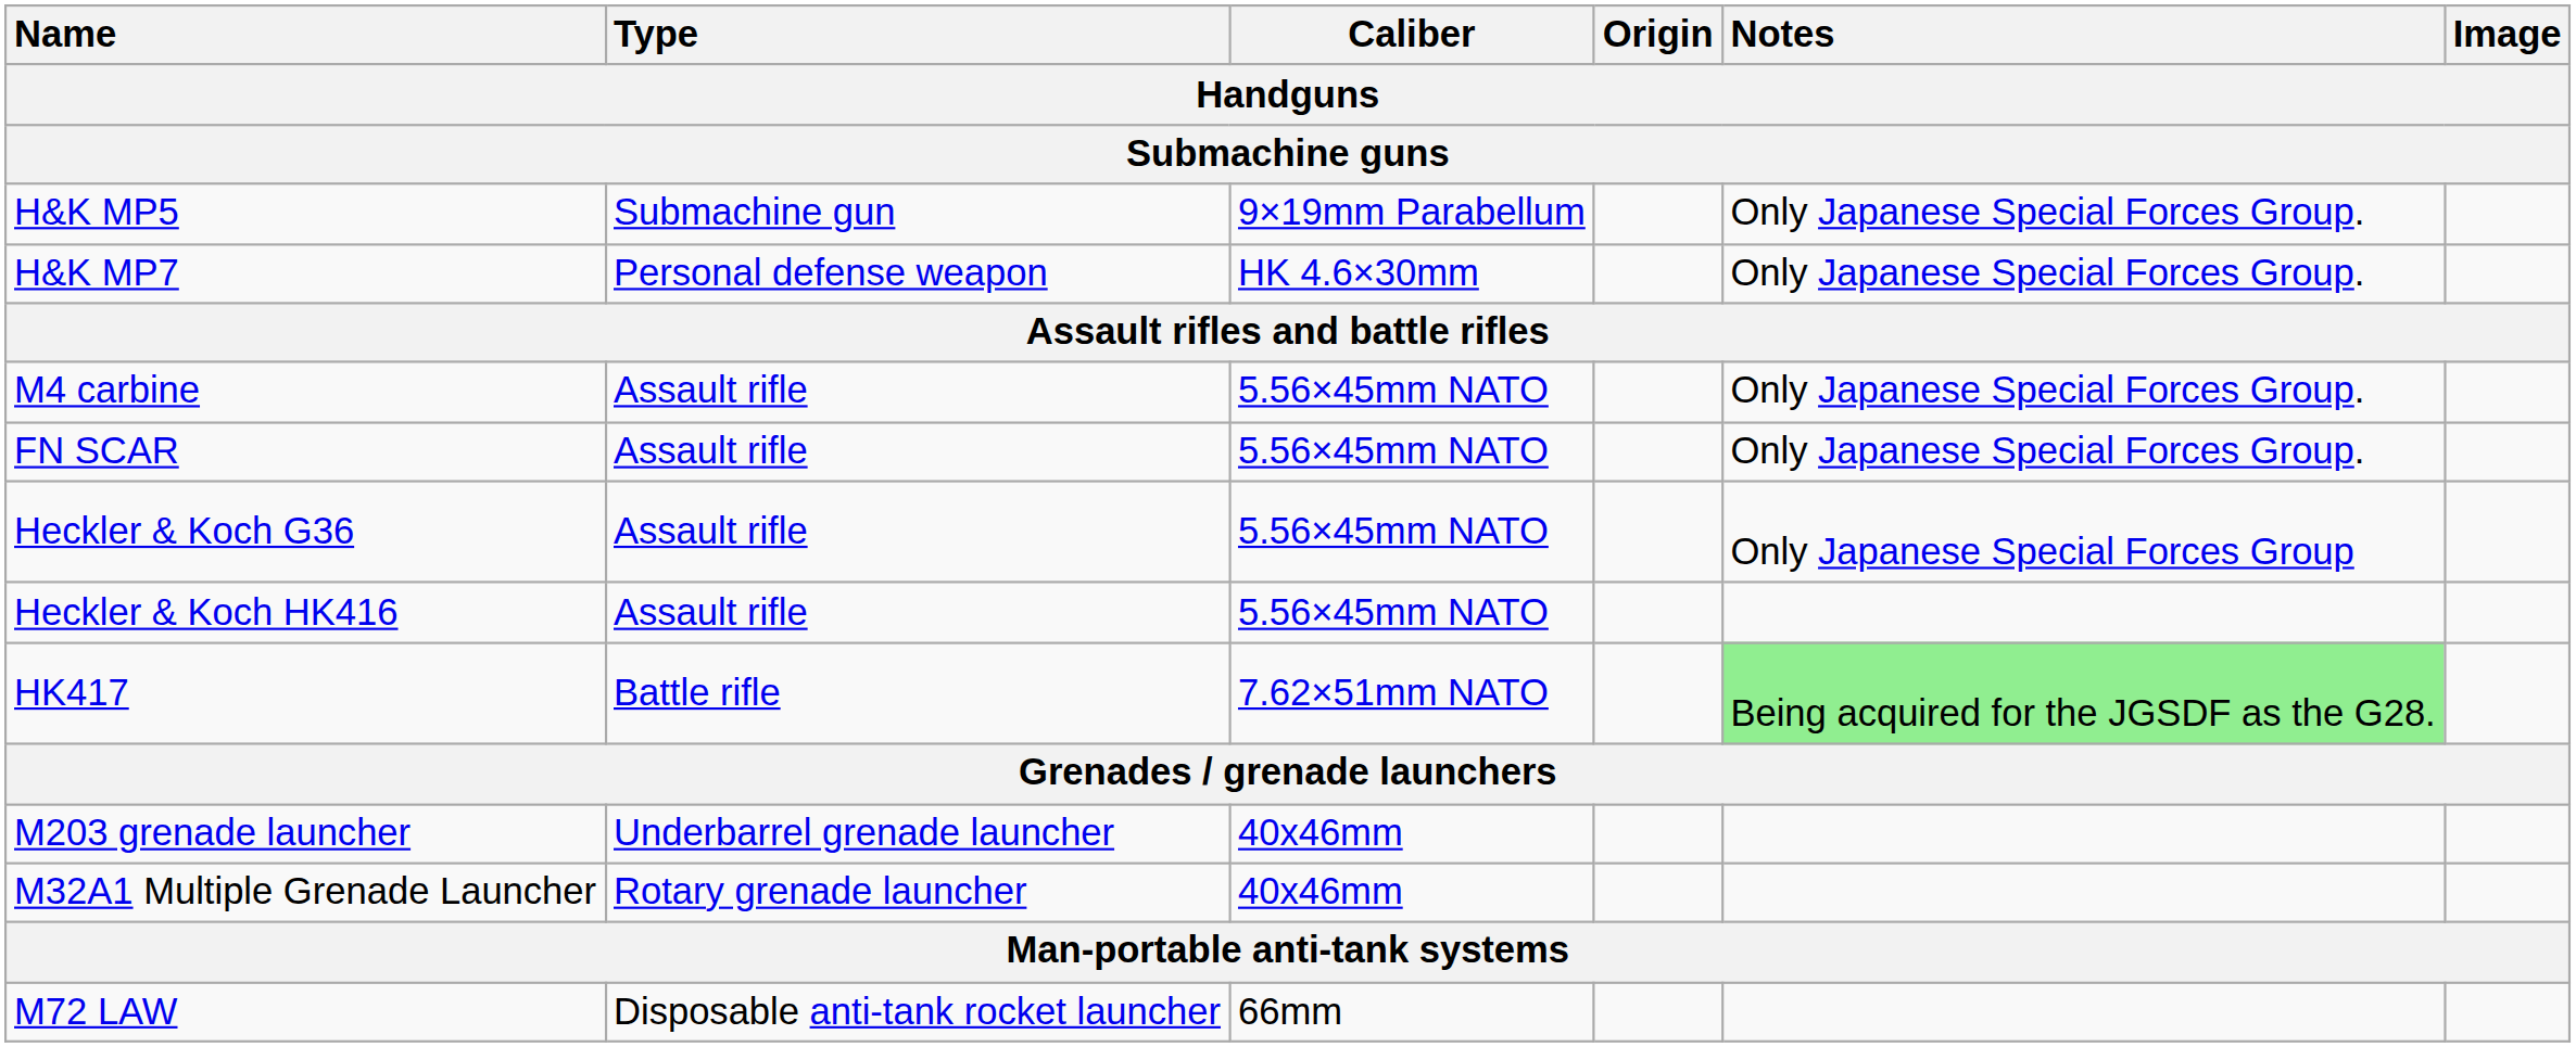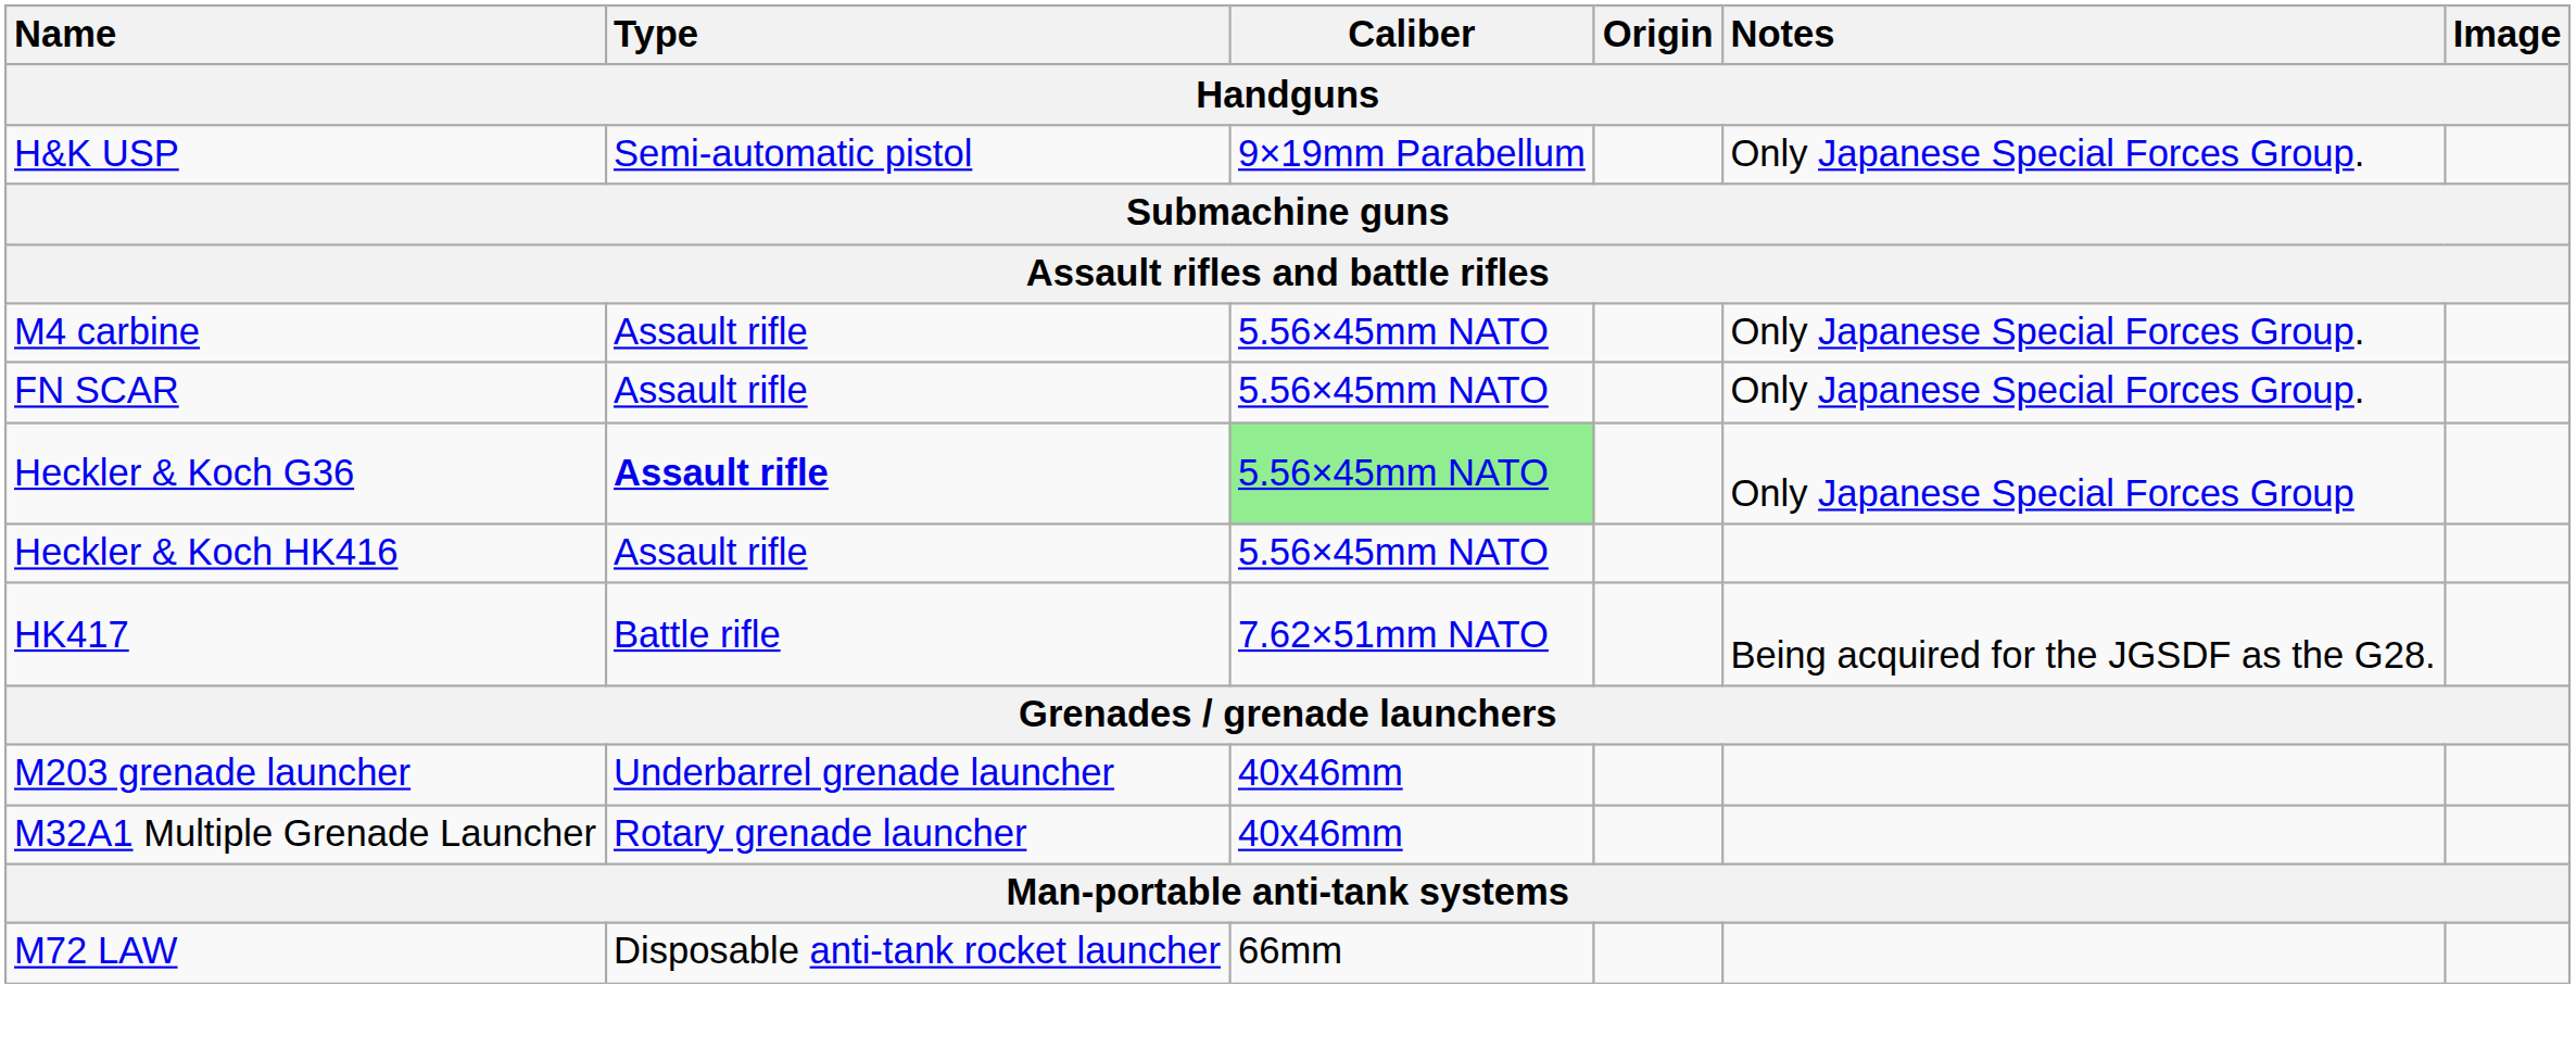 <table class="wikitable">
 <tr>
 <th style="text-align: left;">Name</th>
 <th style="text-align: left;">Type</th>
 <th>Caliber</th>
 <th style="text-align: left;">Origin</th>
 <th style="text-align: left;">Notes</th>
 <th style="text-align: left;">Image</th>
 </tr>
 <tr>
 <th colspan="6" style="align: center;">Handguns</th>
 </tr>
 <tr>
-<th colspan="6">Submachine guns</th>
-</tr>
-<tr>
-<td><a href='#'>H&K MP5</a></td>
-<td><a href='#'>Submachine gun</a></td>
+<td><a href='#'>H&K USP</a></td>
+<td><a href='#'>Semi-automatic pistol</a></td>
 <td><a href='#'>9×19mm Parabellum</a></td>
 <td></td>
 <td>Only <a href='#'>Japanese Special Forces Group</a>.</td>
 <td></td>
 </tr>
 <tr>
-<td><a href='#'>H&K MP7</a></td>
-<td><a href='#'>Personal defense weapon</a></td>
-<td><a href='#'>HK 4.6×30mm</a></td>
-<td></td>
-<td>Only <a href='#'>Japanese Special Forces Group</a>.</td>
-<td></td>
+<th colspan="6">Submachine guns</th>
 </tr>
 <tr>
 <th colspan="6">Assault rifles and battle rifles</th>
 </tr>
 <tr>
 <td><a href='#'>M4 carbine</a></td>
 <td><a href='#'>Assault rifle</a></td>
 <td><a href='#'>5.56×45mm NATO</a></td>
 <td></td>
 <td>Only <a href='#'>Japanese Special Forces Group</a>.</td>
 <td></td>
 </tr>
 <tr>
 <td><a href='#'>FN SCAR</a></td>
 <td><a href='#'>Assault rifle</a></td>
 <td><a href='#'>5.56×45mm NATO</a></td>
 <td></td>
 <td>Only <a href='#'>Japanese Special Forces Group</a>.</td>
 <td></td>
 </tr>
 <tr>
 <td><a href='#'>Heckler & Koch G36</a></td>
-<td><a href='#'>Assault rifle</a></td>
-<td><a href='#'>5.56×45mm NATO</a></td>
+<td><strong><a href='#'>Assault rifle</a></strong></td>
+<td style="background: lightgreen;"><a href='#'>5.56×45mm NATO</a></td>
 <td></td>
 <td><br>Only <a href='#'>Japanese Special Forces Group</a></td>
 <td></td>
 </tr>
 <tr>
 <td><a href='#'>Heckler & Koch HK416</a></td>
 <td><a href='#'>Assault rifle</a></td>
 <td><a href='#'>5.56×45mm NATO</a></td>
 <td></td>
 <td></td>
 <td></td>
 </tr>
 <tr>
 <td><a href='#'>HK417</a></td>
 <td><a href='#'>Battle rifle</a></td>
 <td><a href='#'>7.62×51mm NATO</a></td>
 <td></td>
-<td style="background: lightgreen;"><br>Being acquired for the JGSDF as the G28.</td>
+<td><br>Being acquired for the JGSDF as the G28.</td>
 <td></td>
 </tr>
 <tr>
 <th colspan="6">Grenades / grenade launchers</th>
 </tr>
 <tr>
 <td><a href='#'>M203 grenade launcher</a></td>
 <td><a href='#'>Underbarrel grenade launcher</a></td>
 <td><a href='#'>40x46mm</a></td>
 <td></td>
 <td></td>
 <td></td>
 </tr>
 <tr>
 <td><a href='#'>M32A1</a> Multiple Grenade Launcher</td>
 <td><a href='#'>Rotary grenade launcher</a></td>
 <td><a href='#'>40x46mm</a></td>
 <td></td>
 <td></td>
 <td></td>
 </tr>
 <tr>
 <th colspan="6">Man-portable anti-tank systems</th>
 </tr>
 <tr>
 <td><a href='#'>M72 LAW</a></td>
 <td>Disposable <a href='#'>anti-tank rocket launcher</a></td>
 <td>66mm</td>
 <td></td>
 <td></td>
 <td></td>
 </tr>
 </table>
